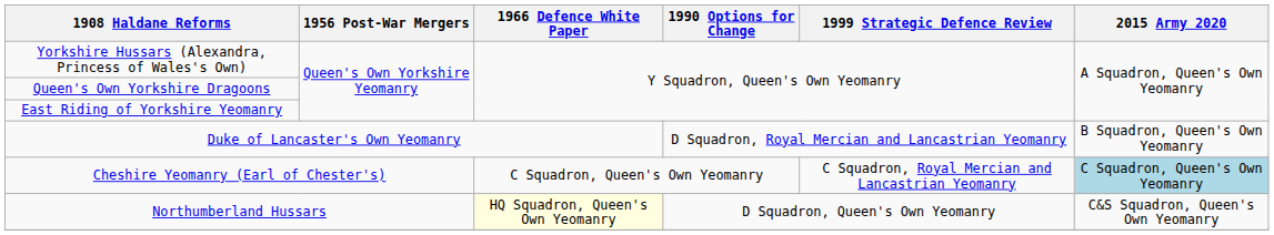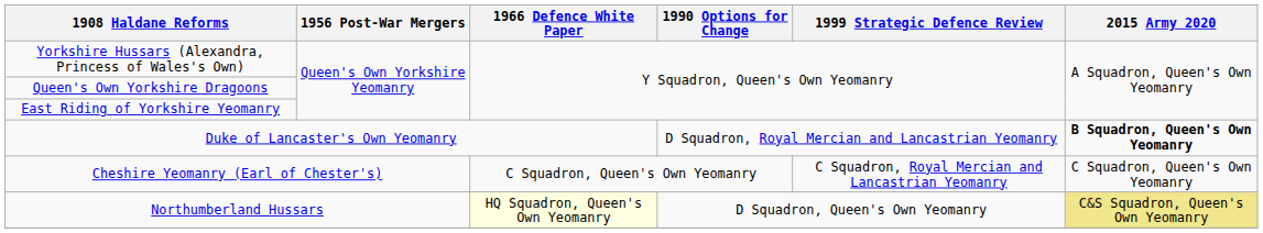 <table class="wikitable">
 <tr>
 <th>1908 <a href='#'>Haldane Reforms</a></th>
 <th>1956 Post-War Mergers</th>
 <th>1966 <a href='#'>Defence White Paper</a></th>
 <th>1990 <a href='#'>Options for Change</a></th>
 <th>1999 <a href='#'>Strategic Defence Review</a></th>
 <th>2015 <a href='#'>Army 2020</a></th>
 </tr>
 <tr>
 <td rowspan="1" colspan="1" style="text-align: center;"><a href='#'>Yorkshire Hussars</a> (Alexandra, Princess of Wales's Own)</td>
 <td rowspan="3" colspan="1" style="text-align: center;"><a href='#'>Queen's Own Yorkshire Yeomanry</a></td>
 <td rowspan="3" colspan="3" style="text-align: center;">Y Squadron, Queen's Own Yeomanry</td>
 <td rowspan="3" colspan="1" style="text-align: center;">A Squadron, Queen's Own Yeomanry</td>
 </tr>
 <tr>
 <td rowspan="1" colspan="1" style="text-align: center;"><a href='#'>Queen's Own Yorkshire Dragoons</a></td>
 </tr>
 <tr>
 <td rowspan="1" colspan="1" style="text-align: center;"><a href='#'>East Riding of Yorkshire Yeomanry</a></td>
 </tr>
 <tr>
 <td rowspan="1" colspan="3" style="text-align: center;"><a href='#'>Duke of Lancaster's Own Yeomanry</a></td>
 <td rowspan="1" colspan="2" style="text-align: center;">D Squadron, <a href='#'>Royal Mercian and Lancastrian Yeomanry</a></td>
-<td rowspan="1" colspan="1" style="text-align: center;">B Squadron, Queen's Own Yeomanry</td>
+<td rowspan="1" colspan="1" style="text-align: center;"><strong>B Squadron, Queen's Own Yeomanry</strong></td>
 </tr>
 <tr>
 <td rowspan="1" colspan="2" style="text-align: center;"><a href='#'>Cheshire Yeomanry (Earl of Chester's)</a></td>
 <td rowspan="1" colspan="2" style="text-align: center;">C Squadron, Queen's Own Yeomanry</td>
 <td rowspan="1" colspan="1" style="text-align: center;">C Squadron, <a href='#'>Royal Mercian and Lancastrian Yeomanry</a></td>
-<td rowspan="1" colspan="1" style="background: lightblue; text-align: center;">C Squadron, Queen's Own Yeomanry</td>
+<td rowspan="1" colspan="1" style="text-align: center;">C Squadron, Queen's Own Yeomanry</td>
 </tr>
 <tr>
 <td rowspan="1" colspan="2" style="text-align: center;"><a href='#'>Northumberland Hussars</a></td>
 <td rowspan="1" colspan="1" style="background: lightyellow; text-align: center;">HQ Squadron, Queen's Own Yeomanry</td>
 <td rowspan="1" colspan="2" style="text-align: center;">D Squadron, Queen's Own Yeomanry</td>
-<td rowspan="1" colspan="1" style="text-align: center;">C&S Squadron, Queen's Own Yeomanry</td>
+<td rowspan="1" colspan="1" style="background: khaki; text-align: center;">C&S Squadron, Queen's Own Yeomanry</td>
 </tr>
 <tr>
 </tr>
 </table>
